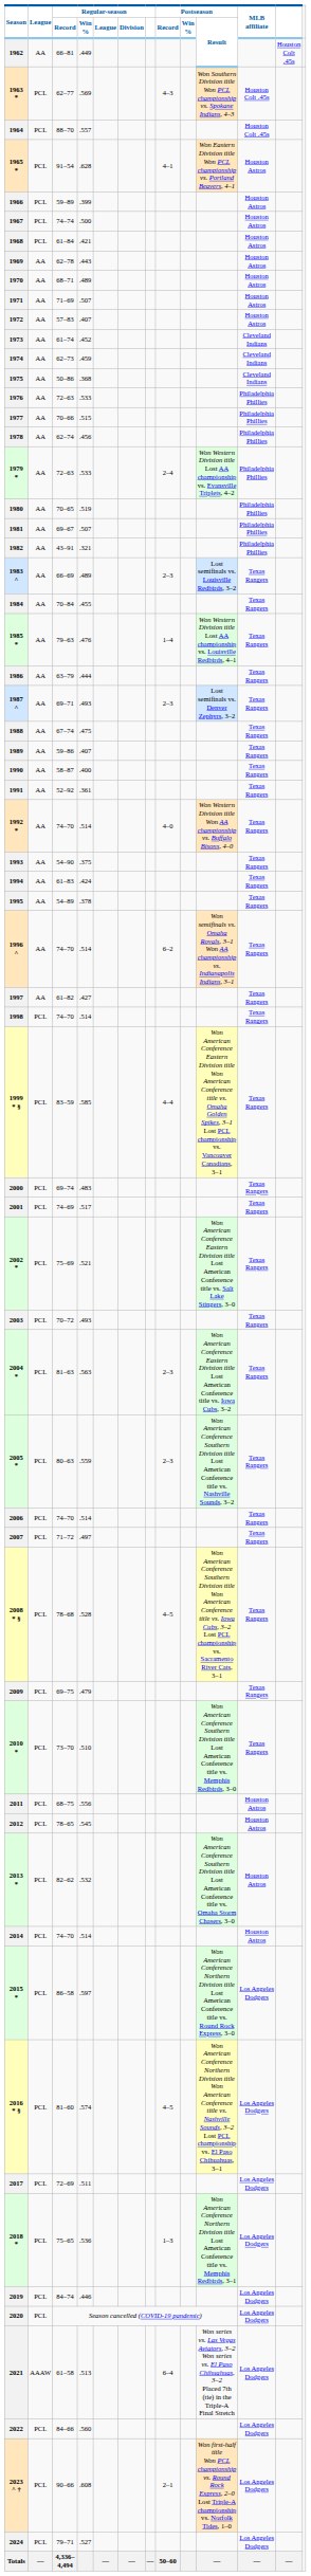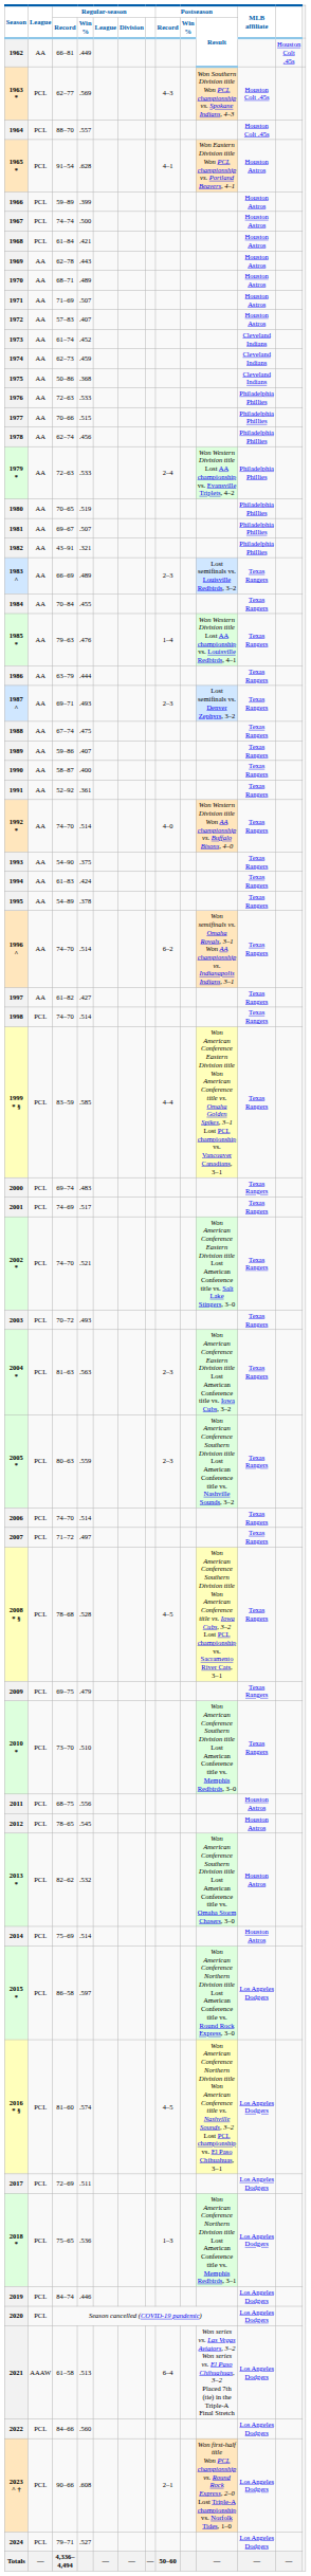 <table class="wikitable sortable plainrowheaders" style="font-size: 95%; text-align:center;">
 <tr>
 <th rowspan="2" scope="col" style="background-color:#ffffff; border-top:#005daa 5px solid; border-bottom:#8dc6e8 5px solid; color:#005daa">Season</th>
 <th rowspan="2" scope="col" style="background-color:#ffffff; border-top:#005daa 5px solid; border-bottom:#8dc6e8 5px solid; color:#005daa">League</th>
 <th colspan="5" scope="col" style="background-color:#ffffff; border-top:#005daa 5px solid; color:#005daa">Regular-season</th>
 <th colspan="3" scope="col" style="background-color:#ffffff; border-top:#005daa 5px solid; color:#005daa">Postseason</th>
 <th rowspan="2" scope="col" style="background-color:#ffffff; border-top:#005daa 5px solid; border-bottom:#8dc6e8 5px solid; color:#005daa">MLB affiliate</th>
 <th class="unsortable" rowspan="2" scope="col" style="background-color:#ffffff; border-top:#005daa 5px solid; border-bottom:#8dc6e8 5px solid; color:#005daa "></th>
 </tr>
 <tr>
 <th scope="col" style="background-color:#ffffff; border-bottom:#8dc6e8 5px solid; color:#005daa">Record</th>
 <th scope="col" style="background-color:#ffffff; border-bottom:#8dc6e8 5px solid; color:#005daa">Win %</th>
 <th scope="col" style="background-color:#ffffff; border-bottom:#8dc6e8 5px solid; color:#005daa">League</th>
 <th scope="col" style="background-color:#ffffff; border-bottom:#8dc6e8 5px solid; color:#005daa">Division</th>
 <th scope="col" style="background-color:#ffffff; border-bottom:#8dc6e8 5px solid; color:#005daa"></th>
 <th scope="col" style="background-color:#ffffff; border-bottom:#8dc6e8 5px solid; color:#005daa">Record</th>
 <th scope="col" style="background-color:#ffffff; border-bottom:#8dc6e8 5px solid; color:#005daa">Win %</th>
 <th class="unsortable" rowspan="2" scope="col" style="background-color:#ffffff; border-bottom:#8dc6e8 5px solid; color:#005daa">Result</th>
 </tr>
 <tr>
 <th scope="row" style="text-align:center">1962</th>
 <td>AA</td>
 <td>66–81</td>
 <td>.449</td>
 <td></td>
 <td></td>
 <td></td>
 <td></td>
 <td></td>
 <td></td>
 <td><a href='#'>Houston Colt .45s</a></td>
 <td></td>
 </tr>
 <tr>
 <th scope="row" style="text-align:center; background:#FFE6BD">1963<br>* </th>
 <td>PCL</td>
 <td>62–77</td>
 <td>.569</td>
 <td></td>
 <td></td>
 <td></td>
 <td>4–3</td>
 <td></td>
 <td bgcolor="#FFE6BD"><em>Won Southern Division title</em><br><em>Won <a href='#'>PCL championship</a> vs. <a href='#'>Spokane Indians</a>, 4–3</em></td>
 <td><a href='#'>Houston Colt .45s</a></td>
 <td></td>
 </tr>
 <tr>
 <th scope="row" style="text-align:center">1964</th>
 <td>PCL</td>
 <td>88–70</td>
 <td>.557</td>
 <td></td>
 <td></td>
 <td></td>
 <td></td>
 <td></td>
 <td></td>
 <td><a href='#'>Houston Colt .45s</a></td>
 <td></td>
 </tr>
 <tr>
 <th scope="row" style="text-align:center; background:#FFE6BD">1965<br>* </th>
 <td>PCL</td>
 <td>91–54</td>
 <td>.628</td>
 <td></td>
 <td></td>
 <td></td>
 <td>4–1</td>
 <td></td>
 <td bgcolor="#FFE6BD"><em>Won Eastern Division title</em><br><em>Won <a href='#'>PCL championship</a> vs. <a href='#'>Portland Beavers</a>, 4–1</em></td>
 <td><a href='#'>Houston Astros</a></td>
 <td></td>
 </tr>
 <tr>
 <th scope="row" style="text-align:center">1966</th>
 <td>PCL</td>
 <td>59–89</td>
 <td>.399</td>
 <td></td>
 <td></td>
 <td></td>
 <td></td>
 <td></td>
 <td></td>
 <td><a href='#'>Houston Astros</a></td>
 <td></td>
 </tr>
 <tr>
 <th scope="row" style="text-align:center">1967</th>
 <td>PCL</td>
 <td>74–74</td>
 <td>.500</td>
 <td></td>
 <td></td>
 <td></td>
 <td></td>
 <td></td>
 <td></td>
 <td><a href='#'>Houston Astros</a></td>
 <td></td>
 </tr>
 <tr>
 <th scope="row" style="text-align:center">1968</th>
 <td>PCL</td>
 <td>61–84</td>
 <td>.421</td>
 <td></td>
 <td></td>
 <td></td>
 <td></td>
 <td></td>
 <td></td>
 <td><a href='#'>Houston Astros</a></td>
 <td></td>
 </tr>
 <tr>
 <th scope="row" style="text-align:center">1969</th>
 <td>AA</td>
 <td>62–78</td>
 <td>.443</td>
 <td></td>
 <td></td>
 <td></td>
 <td></td>
 <td></td>
 <td></td>
 <td><a href='#'>Houston Astros</a></td>
 <td></td>
 </tr>
 <tr>
 <th scope="row" style="text-align:center">1970</th>
 <td>AA</td>
 <td>68–71</td>
 <td>.489</td>
 <td></td>
 <td></td>
 <td></td>
 <td></td>
 <td></td>
 <td></td>
 <td><a href='#'>Houston Astros</a></td>
 <td></td>
 </tr>
 <tr>
 <th scope="row" style="text-align:center">1971</th>
 <td>AA</td>
 <td>71–69</td>
 <td>.507</td>
 <td></td>
 <td></td>
 <td></td>
 <td></td>
 <td></td>
 <td></td>
 <td><a href='#'>Houston Astros</a></td>
 <td></td>
 </tr>
 <tr>
 <th scope="row" style="text-align:center">1972</th>
 <td>AA</td>
 <td>57–83</td>
 <td>.407</td>
 <td></td>
 <td></td>
 <td></td>
 <td></td>
 <td></td>
 <td></td>
 <td><a href='#'>Houston Astros</a></td>
 <td></td>
 </tr>
 <tr>
 <th scope="row" style="text-align:center">1973</th>
 <td>AA</td>
 <td>61–74</td>
 <td>.452</td>
 <td></td>
 <td></td>
 <td></td>
 <td></td>
 <td></td>
 <td></td>
 <td><a href='#'>Cleveland Indians</a></td>
 <td></td>
 </tr>
 <tr>
 <th scope="row" style="text-align:center">1974</th>
 <td>AA</td>
 <td>62–73</td>
 <td>.459</td>
 <td></td>
 <td></td>
 <td></td>
 <td></td>
 <td></td>
 <td></td>
 <td><a href='#'>Cleveland Indians</a></td>
 <td></td>
 </tr>
 <tr>
 <th scope="row" style="text-align:center">1975</th>
 <td>AA</td>
 <td>50–86</td>
 <td>.368</td>
 <td></td>
 <td></td>
 <td></td>
 <td></td>
 <td></td>
 <td></td>
 <td><a href='#'>Cleveland Indians</a></td>
 <td></td>
 </tr>
 <tr>
 <th scope="row" style="text-align:center">1976</th>
 <td>AA</td>
 <td>72–63</td>
 <td>.533</td>
 <td></td>
 <td></td>
 <td></td>
 <td></td>
 <td></td>
 <td></td>
 <td><a href='#'>Philadelphia Phillies</a></td>
 <td></td>
 </tr>
 <tr>
 <th scope="row" style="text-align:center">1977</th>
 <td>AA</td>
 <td>70–66</td>
 <td>.515</td>
 <td></td>
 <td></td>
 <td></td>
 <td></td>
 <td></td>
 <td></td>
 <td><a href='#'>Philadelphia Phillies</a></td>
 <td></td>
 </tr>
 <tr>
 <th scope="row" style="text-align:center">1978</th>
 <td>AA</td>
 <td>62–74</td>
 <td>.456</td>
 <td></td>
 <td></td>
 <td></td>
 <td></td>
 <td></td>
 <td></td>
 <td><a href='#'>Philadelphia Phillies</a></td>
 <td></td>
 </tr>
 <tr>
 <th scope="row" style="text-align:center; background:#DDFFDD">1979<br>*</th>
 <td>AA</td>
 <td>72–63</td>
 <td>.533</td>
 <td></td>
 <td></td>
 <td></td>
 <td>2–4</td>
 <td></td>
 <td bgcolor="#DDFFDD"><em>Won Western Division title</em><br>Lost <a href='#'>AA championship</a> vs. <a href='#'>Evansville Triplets</a>, 4–2</td>
 <td><a href='#'>Philadelphia Phillies</a></td>
 <td></td>
 </tr>
 <tr>
 <th scope="row" style="text-align:center">1980</th>
 <td>AA</td>
 <td>70–65</td>
 <td>.519</td>
 <td></td>
 <td></td>
 <td></td>
 <td></td>
 <td></td>
 <td></td>
 <td><a href='#'>Philadelphia Phillies</a></td>
 <td></td>
 </tr>
 <tr>
 <th scope="row" style="text-align:center">1981</th>
 <td>AA</td>
 <td>69–67</td>
 <td>.507</td>
 <td></td>
 <td></td>
 <td></td>
 <td></td>
 <td></td>
 <td></td>
 <td><a href='#'>Philadelphia Phillies</a></td>
 <td></td>
 </tr>
 <tr>
 <th scope="row" style="text-align:center">1982</th>
 <td>AA</td>
 <td>43–91</td>
 <td>.321</td>
 <td></td>
 <td></td>
 <td></td>
 <td></td>
 <td></td>
 <td></td>
 <td><a href='#'>Philadelphia Phillies</a></td>
 <td></td>
 </tr>
 <tr>
 <th scope="row" style="text-align:center; background:#D0E7FF">1983<br>^</th>
 <td>AA</td>
 <td>66–69</td>
 <td>.489</td>
 <td></td>
 <td></td>
 <td></td>
 <td>2–3</td>
 <td></td>
 <td bgcolor="#D0E7FF">Lost semifinals vs. <a href='#'>Louisville Redbirds</a>, 3–2</td>
 <td><a href='#'>Texas Rangers</a></td>
 <td></td>
 </tr>
 <tr>
 <th scope="row" style="text-align:center">1984</th>
 <td>AA</td>
 <td>70–84</td>
 <td>.455</td>
 <td></td>
 <td></td>
 <td></td>
 <td></td>
 <td></td>
 <td></td>
 <td><a href='#'>Texas Rangers</a></td>
 <td></td>
 </tr>
 <tr>
 <th scope="row" style="text-align:center; background:#DDFFDD">1985<br>*</th>
 <td>AA</td>
 <td>79–63</td>
 <td>.476</td>
 <td></td>
 <td></td>
 <td></td>
 <td>1–4</td>
 <td></td>
 <td bgcolor="#DDFFDD"><em>Won Western Division title</em><br>Lost <a href='#'>AA championship</a> vs. <a href='#'>Louisville Redbirds</a>, 4–1</td>
 <td><a href='#'>Texas Rangers</a></td>
 <td></td>
 </tr>
 <tr>
 <th scope="row" style="text-align:center">1986</th>
 <td>AA</td>
 <td>63–79</td>
 <td>.444</td>
 <td></td>
 <td></td>
 <td></td>
 <td></td>
 <td></td>
 <td></td>
 <td><a href='#'>Texas Rangers</a></td>
 <td></td>
 </tr>
 <tr>
 <th scope="row" style="text-align:center; background:#D0E7FF">1987<br>^</th>
 <td>AA</td>
 <td>69–71</td>
 <td>.493</td>
 <td></td>
 <td></td>
 <td></td>
 <td>2–3</td>
 <td></td>
 <td bgcolor="#D0E7FF">Lost semifinals vs. <a href='#'>Denver Zephyrs</a>, 3–2</td>
 <td><a href='#'>Texas Rangers</a></td>
 <td></td>
 </tr>
 <tr>
 <th scope="row" style="text-align:center">1988</th>
 <td>AA</td>
 <td>67–74</td>
 <td>.475</td>
 <td></td>
 <td></td>
 <td></td>
 <td></td>
 <td></td>
 <td></td>
 <td><a href='#'>Texas Rangers</a></td>
 <td></td>
 </tr>
 <tr>
 <th scope="row" style="text-align:center">1989</th>
 <td>AA</td>
 <td>59–86</td>
 <td>.407</td>
 <td></td>
 <td></td>
 <td></td>
 <td></td>
 <td></td>
 <td></td>
 <td><a href='#'>Texas Rangers</a></td>
 <td></td>
 </tr>
 <tr>
 <th scope="row" style="text-align:center">1990</th>
 <td>AA</td>
 <td>58–87</td>
 <td>.400</td>
 <td></td>
 <td></td>
 <td></td>
 <td></td>
 <td></td>
 <td></td>
 <td><a href='#'>Texas Rangers</a></td>
 <td></td>
 </tr>
 <tr>
 <th scope="row" style="text-align:center">1991</th>
 <td>AA</td>
 <td>52–92</td>
 <td>.361</td>
 <td></td>
 <td></td>
 <td></td>
 <td></td>
 <td></td>
 <td></td>
 <td><a href='#'>Texas Rangers</a></td>
 <td></td>
 </tr>
 <tr>
 <th scope="row" style="text-align:center; background:#FFE6BD">1992<br>* </th>
 <td>AA</td>
 <td>74–70</td>
 <td>.514</td>
 <td></td>
 <td></td>
 <td></td>
 <td>4–0</td>
 <td></td>
 <td bgcolor="#FFE6BD"><em>Won Western Division title</em><br><em>Won <a href='#'>AA championship</a> vs. <a href='#'>Buffalo Bisons</a>, 4–0</em></td>
 <td><a href='#'>Texas Rangers</a></td>
 <td></td>
 </tr>
 <tr>
 <th scope="row" style="text-align:center">1993</th>
 <td>AA</td>
 <td>54–90</td>
 <td>.375</td>
 <td></td>
 <td></td>
 <td></td>
 <td></td>
 <td></td>
 <td></td>
 <td><a href='#'>Texas Rangers</a></td>
 <td></td>
 </tr>
 <tr>
 <th scope="row" style="text-align:center">1994</th>
 <td>AA</td>
 <td>61–83</td>
 <td>.424</td>
 <td></td>
 <td></td>
 <td></td>
 <td></td>
 <td></td>
 <td></td>
 <td><a href='#'>Texas Rangers</a></td>
 <td></td>
 </tr>
 <tr>
 <th scope="row" style="text-align:center">1995</th>
 <td>AA</td>
 <td>54–89</td>
 <td>.378</td>
 <td></td>
 <td></td>
 <td></td>
 <td></td>
 <td></td>
 <td></td>
 <td><a href='#'>Texas Rangers</a></td>
 <td></td>
 </tr>
 <tr>
 <th scope="row" style="text-align:center; background:#FFE6BD">1996<br>^ </th>
 <td>AA</td>
 <td>74–70</td>
 <td>.514</td>
 <td></td>
 <td></td>
 <td></td>
 <td>6–2</td>
 <td></td>
 <td bgcolor="#FFE6BD"><em>Won semifinals vs. <a href='#'>Omaha Royals</a>, 3–1</em><br><em>Won <a href='#'>AA championship</a> vs. <a href='#'>Indianapolis Indians</a>, 3–1</em></td>
 <td><a href='#'>Texas Rangers</a></td>
 <td></td>
 </tr>
 <tr>
 <th scope="row" style="text-align:center">1997</th>
 <td>AA</td>
 <td>61–82</td>
 <td>.427</td>
 <td></td>
 <td></td>
 <td></td>
 <td></td>
 <td></td>
 <td></td>
 <td><a href='#'>Texas Rangers</a></td>
 <td></td>
 </tr>
 <tr>
 <th scope="row" style="text-align:center">1998</th>
 <td>PCL</td>
 <td>74–70</td>
 <td>.514</td>
 <td></td>
 <td></td>
 <td></td>
 <td></td>
 <td></td>
 <td></td>
 <td><a href='#'>Texas Rangers</a></td>
 <td></td>
 </tr>
 <tr>
 <th scope="row" style="text-align:center; background:#FFFFBB">1999<br>* §</th>
 <td>PCL</td>
 <td>83–59</td>
 <td>.585</td>
 <td></td>
 <td></td>
 <td></td>
 <td>4–4</td>
 <td></td>
 <td bgcolor="#FFFFBB"><em>Won American Conference Eastern Division title</em><br><em>Won American Conference title vs. <a href='#'>Omaha Golden Spikes</a>, 3–1</em><br>Lost <a href='#'>PCL championship</a> vs. <a href='#'>Vancouver Canadians</a>, 3–1</td>
 <td><a href='#'>Texas Rangers</a></td>
 <td></td>
 </tr>
 <tr>
 <th scope="row" style="text-align:center">2000</th>
 <td>PCL</td>
 <td>69–74</td>
 <td>.483</td>
 <td></td>
 <td></td>
 <td></td>
 <td></td>
 <td></td>
 <td></td>
 <td><a href='#'>Texas Rangers</a></td>
 <td></td>
 </tr>
 <tr>
 <th scope="row" style="text-align:center">2001</th>
 <td>PCL</td>
 <td>74–69</td>
 <td>.517</td>
 <td></td>
 <td></td>
 <td></td>
 <td></td>
 <td></td>
 <td></td>
 <td><a href='#'>Texas Rangers</a></td>
 <td></td>
 </tr>
 <tr>
 <th scope="row" style="text-align:center; background:#DDFFDD">2002<br>*</th>
 <td>PCL</td>
-<td>75–69</td>
+<td>74–70</td>
 <td>.521</td>
 <td></td>
 <td></td>
 <td></td>
 <td></td>
 <td></td>
 <td bgcolor="#DDFFDD"><em>Won American Conference Eastern Division title</em><br>Lost American Conference title vs. <a href='#'>Salt Lake Stingers</a>, 3–0</td>
 <td><a href='#'>Texas Rangers</a></td>
 <td></td>
 </tr>
 <tr>
 <th scope="row" style="text-align:center">2003</th>
 <td>PCL</td>
 <td>70–72</td>
 <td>.493</td>
 <td></td>
 <td></td>
 <td></td>
 <td></td>
 <td></td>
 <td></td>
 <td><a href='#'>Texas Rangers</a></td>
 <td></td>
 </tr>
 <tr>
 <th scope="row" style="text-align:center; background:#DDFFDD">2004<br>*</th>
 <td>PCL</td>
 <td>81–63</td>
 <td>.563</td>
 <td></td>
 <td></td>
 <td></td>
 <td>2–3</td>
 <td></td>
 <td bgcolor="#DDFFDD"><em>Won American Conference Eastern Division title</em><br>Lost American Conference title vs. <a href='#'>Iowa Cubs</a>, 3–2</td>
 <td><a href='#'>Texas Rangers</a></td>
 <td></td>
 </tr>
 <tr>
 <th scope="row" style="text-align:center; background:#DDFFDD">2005<br>*</th>
 <td>PCL</td>
 <td>80–63</td>
 <td>.559</td>
 <td></td>
 <td></td>
 <td></td>
 <td>2–3</td>
 <td></td>
 <td bgcolor="#DDFFDD"><em>Won American Conference Southern Division title</em><br>Lost American Conference title vs. <a href='#'>Nashville Sounds</a>, 3–2</td>
 <td><a href='#'>Texas Rangers</a></td>
 <td></td>
 </tr>
 <tr>
 <th scope="row" style="text-align:center">2006</th>
 <td>PCL</td>
 <td>74–70</td>
 <td>.514</td>
 <td></td>
 <td></td>
 <td></td>
 <td></td>
 <td></td>
 <td></td>
 <td><a href='#'>Texas Rangers</a></td>
 <td></td>
 </tr>
 <tr>
 <th scope="row" style="text-align:center">2007</th>
 <td>PCL</td>
 <td>71–72</td>
 <td>.497</td>
 <td></td>
 <td></td>
 <td></td>
 <td></td>
 <td></td>
 <td></td>
 <td><a href='#'>Texas Rangers</a></td>
 <td></td>
 </tr>
 <tr>
 <th scope="row" style="text-align:center; background:#FFFFBB">2008<br>* §</th>
 <td>PCL</td>
 <td>78–68</td>
 <td>.528</td>
 <td></td>
 <td></td>
 <td></td>
 <td>4–5</td>
 <td></td>
 <td bgcolor="#FFFFBB"><em>Won American Conference Southern Division title</em><br><em>Won American Conference title vs. <a href='#'>Iowa Cubs</a>, 3–2</em><br>Lost <a href='#'>PCL championship</a> vs. <a href='#'>Sacramento River Cats</a>, 3–1</td>
 <td><a href='#'>Texas Rangers</a></td>
 <td></td>
 </tr>
 <tr>
 <th scope="row" style="text-align:center">2009</th>
 <td>PCL</td>
 <td>69–75</td>
 <td>.479</td>
 <td></td>
 <td></td>
 <td></td>
 <td></td>
 <td></td>
 <td></td>
 <td><a href='#'>Texas Rangers</a></td>
 <td></td>
 </tr>
 <tr>
 <th scope="row" style="text-align:center; background:#DDFFDD">2010<br>*</th>
 <td>PCL</td>
 <td>73–70</td>
 <td>.510</td>
 <td></td>
 <td></td>
 <td></td>
 <td></td>
 <td></td>
 <td bgcolor="#DDFFDD"><em>Won American Conference Southern Division title</em><br>Lost American Conference title vs. <a href='#'>Memphis Redbirds</a>, 3–0</td>
 <td><a href='#'>Texas Rangers</a></td>
 <td></td>
 </tr>
 <tr>
 <th scope="row" style="text-align:center">2011</th>
 <td>PCL</td>
 <td>68–75</td>
 <td>.556</td>
 <td></td>
 <td></td>
 <td></td>
 <td></td>
 <td></td>
 <td></td>
 <td><a href='#'>Houston Astros</a></td>
 <td></td>
 </tr>
 <tr>
 <th scope="row" style="text-align:center">2012</th>
 <td>PCL</td>
 <td>78–65</td>
 <td>.545</td>
 <td></td>
 <td></td>
 <td></td>
 <td></td>
 <td></td>
 <td></td>
 <td><a href='#'>Houston Astros</a></td>
 <td></td>
 </tr>
 <tr>
 <th scope="row" style="text-align:center; background:#DDFFDD">2013<br>*</th>
 <td>PCL</td>
 <td>82–62</td>
 <td>.532</td>
 <td></td>
 <td></td>
 <td></td>
 <td></td>
 <td></td>
 <td bgcolor="#DDFFDD"><em>Won American Conference Southern Division title</em><br>Lost American Conference title vs. <a href='#'>Omaha Storm Chasers</a>, 3–0</td>
 <td><a href='#'>Houston Astros</a></td>
 <td></td>
 </tr>
 <tr>
 <th scope="row" style="text-align:center">2014</th>
 <td>PCL</td>
-<td>74–70</td>
+<td>75–69</td>
 <td>.514</td>
 <td></td>
 <td></td>
 <td></td>
 <td></td>
 <td></td>
 <td></td>
 <td><a href='#'>Houston Astros</a></td>
 <td></td>
 </tr>
 <tr>
 <th scope="row" style="text-align:center; background:#DDFFDD">2015<br>*</th>
 <td>PCL</td>
 <td>86–58</td>
 <td>.597</td>
 <td></td>
 <td></td>
 <td></td>
 <td></td>
 <td></td>
 <td bgcolor="#DDFFDD"><em>Won American Conference Northern Division title</em><br>Lost American Conference title vs. <a href='#'>Round Rock Express</a>, 3–0</td>
 <td><a href='#'>Los Angeles Dodgers</a></td>
 <td></td>
 </tr>
 <tr>
 <th scope="row" style="text-align:center; background:#FFFFBB">2016<br>* §</th>
 <td>PCL</td>
 <td>81–60</td>
 <td>.574</td>
 <td></td>
 <td></td>
 <td></td>
 <td>4–5</td>
 <td></td>
 <td bgcolor="#FFFFBB"><em>Won American Conference Northern Division title</em><br><em>Won American Conference title vs. <a href='#'>Nashville Sounds</a>, 3–2</em><br>Lost <a href='#'>PCL championship</a> vs. <a href='#'>El Paso Chihuahuas</a>, 3–1</td>
 <td><a href='#'>Los Angeles Dodgers</a></td>
 <td></td>
 </tr>
 <tr>
 <th scope="row" style="text-align:center">2017</th>
 <td>PCL</td>
 <td>72–69</td>
 <td>.511</td>
 <td></td>
 <td></td>
 <td></td>
 <td></td>
 <td></td>
 <td></td>
 <td><a href='#'>Los Angeles Dodgers</a></td>
 <td></td>
 </tr>
 <tr>
 <th scope="row" style="text-align:center; background:#DDFFDD">2018<br>*</th>
 <td>PCL</td>
 <td>75–65</td>
 <td>.536</td>
 <td></td>
 <td></td>
 <td></td>
 <td>1–3</td>
 <td></td>
 <td bgcolor="#DDFFDD"><em>Won American Conference Northern Division title</em><br>Lost American Conference title vs. <a href='#'>Memphis Redbirds</a>, 3–1</td>
 <td><a href='#'>Los Angeles Dodgers</a></td>
 <td></td>
 </tr>
 <tr>
 <th scope="row" style="text-align:center">2019</th>
 <td>PCL</td>
 <td>84–74</td>
 <td>.446</td>
 <td></td>
 <td></td>
 <td></td>
 <td></td>
 <td></td>
 <td></td>
 <td><a href='#'>Los Angeles Dodgers</a></td>
 <td></td>
 </tr>
 <tr>
 <th scope="row" style="text-align:center">2020</th>
 <td>PCL</td>
 <td colspan="8"><em>Season cancelled (<a href='#'>COVID-19 pandemic</a>)</em></td>
 <td><a href='#'>Los Angeles Dodgers</a></td>
 <td></td>
 </tr>
 <tr>
 <th scope="row" style="text-align:center">2021</th>
 <td>AAAW</td>
 <td>61–58</td>
 <td>.513</td>
 <td></td>
 <td></td>
 <td></td>
 <td>6–4</td>
 <td></td>
 <td><em>Won series vs. <a href='#'>Las Vegas Aviators</a>, 3–2</em><br><em>Won series vs. <a href='#'>El Paso Chihuahuas</a>, 3–2</em><br>Placed 7th (tie) in the Triple-A Final Stretch</td>
 <td><a href='#'>Los Angeles Dodgers</a></td>
 <td></td>
 </tr>
 <tr>
 <th scope="row" style="text-align:center">2022</th>
 <td>PCL</td>
 <td>84–66</td>
 <td>.560</td>
 <td></td>
 <td></td>
 <td></td>
 <td></td>
 <td></td>
 <td></td>
 <td><a href='#'>Los Angeles Dodgers</a></td>
 <td></td>
 </tr>
 <tr>
 <th scope="row" style="text-align:center; background:#FFE6BD">2023<br>^ †</th>
 <td>PCL</td>
 <td>90–66</td>
 <td>.608</td>
 <td></td>
 <td></td>
 <td></td>
 <td>2–1</td>
 <td></td>
 <td bgcolor="#FFE6BD"><em>Won first-half title</em><br><em>Won <a href='#'>PCL championship</a> vs. <a href='#'>Round Rock Express</a>, 2–0</em><br>Lost <a href='#'>Triple-A championship</a> vs. <a href='#'>Norfolk Tides</a>, 1–0</td>
 <td><a href='#'>Los Angeles Dodgers</a></td>
 <td></td>
 </tr>
 <tr>
 <th scope="row" style="text-align:center">2024</th>
 <td>PCL</td>
 <td>79–71</td>
 <td>.527</td>
 <td></td>
 <td></td>
 <td></td>
 <td></td>
 <td></td>
 <td></td>
 <td><a href='#'>Los Angeles Dodgers</a></td>
 <td></td>
 </tr>
 <tr class="sortbottom">
 <th scope="row" style="text-align:center"><strong>Totals</strong></th>
 <th>—</th>
 <th>4,336–4,494</th>
 <th></th>
 <th>—</th>
 <th>—</th>
 <th>—</th>
 <th>50–60</th>
 <th></th>
 <th>—</th>
 <th>—</th>
 <th>—</th>
 </tr>
 </table>
